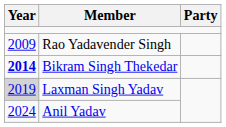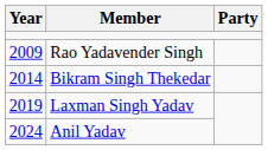 <table class="wikitable">
 <tr>
 <th>Year</th>
 <th>Member</th>
 <th colspan="2">Party</th>
 </tr>
 <tr>
 <td colspan=4></td>
 </tr>
 <tr>
 <td><a href='#'>2009</a></td>
 <td>Rao Yadavender Singh</td>
 <td></td>
 </tr>
 <tr>
-<td><strong><a href='#'>2014</a></strong></td>
+<td><a href='#'>2014</a></td>
 <td><a href='#'>Bikram Singh Thekedar</a></td>
 <td></td>
 </tr>
 <tr>
-<td style="background: lightgrey;"><a href='#'>2019</a></td>
+<td><a href='#'>2019</a></td>
 <td><a href='#'>Laxman Singh Yadav</a></td>
 </tr>
 <tr>
 <td><a href='#'>2024</a></td>
 <td><a href='#'>Anil Yadav</a></td>
 </tr>
 </table>
